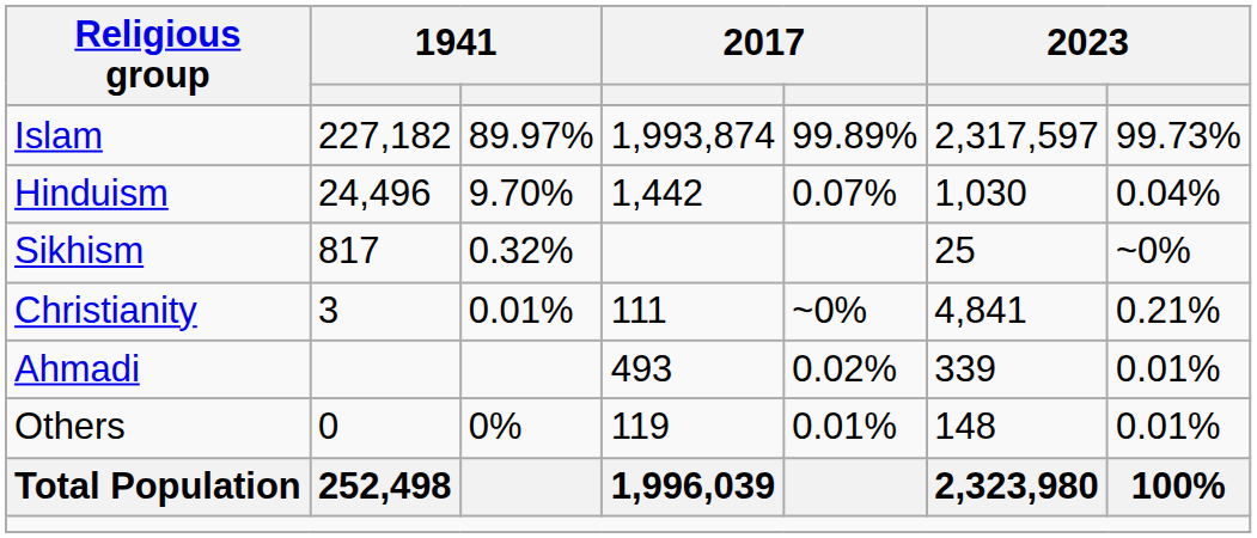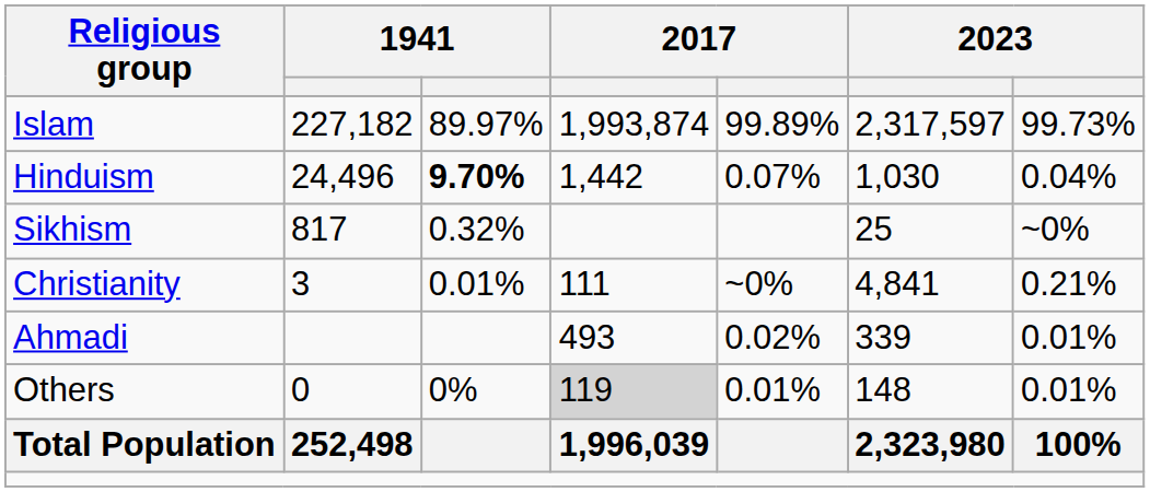 <table class="wikitable sortable">
 <tr>
 <th rowspan="2"><a href='#'>Religious</a><br>group</th>
 <th colspan="2">1941</th>
 <th colspan="2">2017</th>
 <th colspan="2">2023</th>
 </tr>
 <tr>
 <th><a href='#'></a></th>
 <th></th>
 <th></th>
 <th></th>
 <th></th>
 <th></th>
 </tr>
 <tr>
 <td><a href='#'>Islam</a> </td>
 <td>227,182</td>
 <td>89.97%</td>
 <td>1,993,874</td>
 <td>99.89%</td>
 <td>2,317,597</td>
 <td>99.73%</td>
 </tr>
 <tr>
 <td><a href='#'>Hinduism</a> </td>
 <td>24,496</td>
-<td>9.70%</td>
+<td><strong>9.70%</strong></td>
 <td>1,442</td>
 <td>0.07%</td>
 <td>1,030</td>
 <td>0.04%</td>
 </tr>
 <tr>
 <td><a href='#'>Sikhism</a> </td>
 <td>817</td>
 <td>0.32%</td>
 <td></td>
 <td></td>
 <td>25</td>
 <td>~0%</td>
 </tr>
 <tr>
 <td><a href='#'>Christianity</a> </td>
 <td>3</td>
 <td>0.01%</td>
 <td>111</td>
 <td>~0%</td>
 <td>4,841</td>
 <td>0.21%</td>
 </tr>
 <tr>
 <td><a href='#'>Ahmadi</a></td>
 <td></td>
 <td></td>
 <td>493</td>
 <td>0.02%</td>
 <td>339</td>
 <td>0.01%</td>
 </tr>
 <tr>
 <td>Others</td>
 <td>0</td>
 <td>0%</td>
-<td>119</td>
+<td style="background: lightgrey;">119</td>
 <td>0.01%</td>
 <td>148</td>
 <td>0.01%</td>
 </tr>
 <tr>
 <th>Total Population</th>
 <th>252,498</th>
 <th></th>
 <th>1,996,039</th>
 <th></th>
 <th>2,323,980</th>
 <th>100%</th>
 </tr>
 <tr class="sortbottom">
 <td colspan="7"></td>
 </tr>
 </table>
